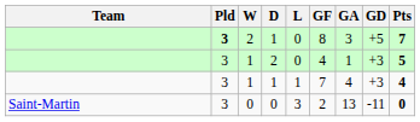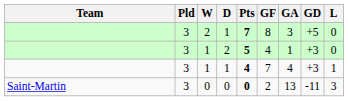 <table class="wikitable" style="text-align:center;">
 <tr>
 <th width=230>Team</th>
 <th width=20>Pld</th>
 <th width=20>W</th>
 <th width=20>D</th>
-<th width=20>L</th>
+<th width=20>Pts</th>
 <th width=20>GF</th>
 <th width=20>GA</th>
 <th width=20>GD</th>
-<th width=20>Pts</th>
+<th width=20>L</th>
 </tr>
 <tr style="background:#ccffcc">
 <td style="text-align:left;"></td>
-<td><strong>3</strong></td>
+<td>3</td>
 <td>2</td>
 <td>1</td>
-<td>0</td>
+<td><strong>7</strong></td>
 <td>8</td>
 <td>3</td>
 <td>+5</td>
-<td><strong>7</strong></td>
+<td>0</td>
 </tr>
 <tr style="background:#ccffcc">
 <td style="text-align:left;"></td>
 <td>3</td>
 <td>1</td>
 <td>2</td>
-<td>0</td>
+<td><strong>5</strong></td>
 <td>4</td>
 <td>1</td>
 <td>+3</td>
-<td><strong>5</strong></td>
+<td>0</td>
 </tr>
 <tr>
 <td style="text-align:left;"></td>
 <td>3</td>
 <td>1</td>
 <td>1</td>
-<td>1</td>
+<td><strong>4</strong></td>
 <td>7</td>
 <td>4</td>
 <td>+3</td>
-<td><strong>4</strong></td>
+<td>1</td>
 </tr>
 <tr>
 <td style="text-align:left;"> <a href='#'>Saint-Martin</a></td>
 <td>3</td>
 <td>0</td>
 <td>0</td>
-<td>3</td>
+<td><strong>0</strong></td>
 <td>2</td>
 <td>13</td>
 <td>-11</td>
-<td><strong>0</strong></td>
+<td>3</td>
 </tr>
 </table>
